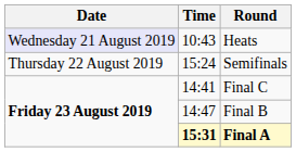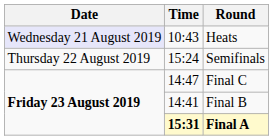 <table class="wikitable">
 <tr>
 <th>Date</th>
 <th>Time</th>
 <th>Round</th>
 </tr>
 <tr>
 <td style="background: lavender;">Wednesday 21 August 2019</td>
 <td>10:43</td>
 <td>Heats</td>
 </tr>
 <tr>
 <td>Thursday 22 August 2019</td>
 <td>15:24</td>
 <td>Semifinals</td>
 </tr>
 <tr>
 <td rowspan=3><strong>Friday 23 August 2019</strong></td>
-<td>14:41</td>
+<td>14:47</td>
 <td>Final C</td>
 </tr>
 <tr>
-<td>14:47</td>
+<td>14:41</td>
 <td>Final B</td>
 </tr>
 <tr>
 <td style=background:lemonchiffon><strong>15:31</strong></td>
 <td style=background:lemonchiffon><strong>Final A</strong></td>
 </tr>
 </table>
